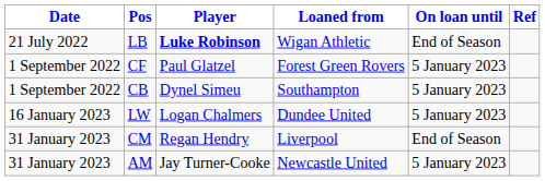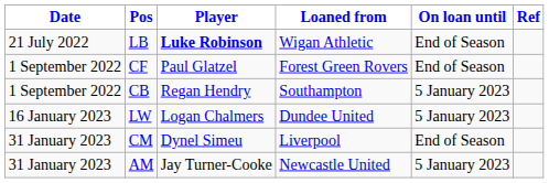 <table class="wikitable plainrowheaders sortable">
 <tr>
 <th style="background:#FFFFFF; color:#0000FF; ">Date</th>
 <th style="background:#FFFFFF; color:#0000FF; ">Pos</th>
 <th style="background:#FFFFFF; color:#0000FF; ">Player</th>
 <th style="background:#FFFFFF; color:#0000FF; ">Loaned from</th>
 <th style="background:#FFFFFF; color:#0000FF; ">On loan until</th>
 <th style="background:#FFFFFF; color:#0000FF; ">Ref</th>
 </tr>
 <tr>
 <td>21 July 2022</td>
 <td><a href='#'>LB</a></td>
 <td><strong> <a href='#'>Luke Robinson</a></strong></td>
 <td> <a href='#'>Wigan Athletic</a></td>
 <td>End of Season</td>
 <td></td>
 </tr>
 <tr>
 <td>1 September 2022</td>
 <td><a href='#'>CF</a></td>
 <td> <a href='#'>Paul Glatzel</a></td>
 <td> <a href='#'>Forest Green Rovers</a></td>
-<td>5 January 2023</td>
+<td>End of Season</td>
 <td></td>
 </tr>
 <tr>
 <td>1 September 2022</td>
 <td><a href='#'>CB</a></td>
-<td> <a href='#'>Dynel Simeu</a></td>
+<td> <a href='#'>Regan Hendry</a></td>
 <td> <a href='#'>Southampton</a></td>
 <td>5 January 2023</td>
 <td></td>
 </tr>
 <tr>
 <td>16 January 2023</td>
 <td><a href='#'>LW</a></td>
 <td> <a href='#'>Logan Chalmers</a></td>
 <td> <a href='#'>Dundee United</a></td>
 <td>5 January 2023</td>
 <td></td>
 </tr>
 <tr>
 <td>31 January 2023</td>
 <td><a href='#'>CM</a></td>
-<td> <a href='#'>Regan Hendry</a></td>
+<td> <a href='#'>Dynel Simeu</a></td>
 <td> <a href='#'>Liverpool</a></td>
 <td>End of Season</td>
 <td></td>
 </tr>
 <tr>
 <td>31 January 2023</td>
 <td><a href='#'>AM</a></td>
 <td> Jay Turner-Cooke</td>
 <td> <a href='#'>Newcastle United</a></td>
 <td>5 January 2023</td>
 <td></td>
 </tr>
 </table>
